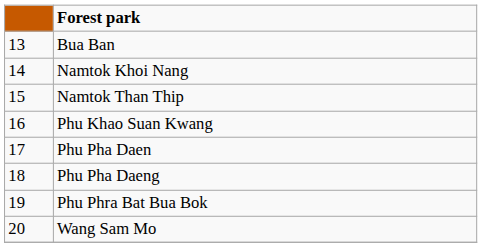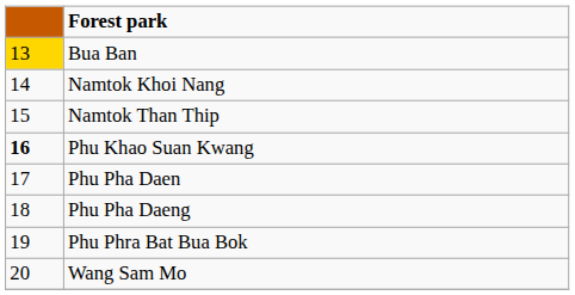 <table class= "wikitable" style= "width:36%; display:inline-table;">
 <tr>
 <td style="width:3%; background:#C65900;"> </td>
 <td style="width:33%;"><strong>Forest park</strong></td>
 </tr>
 <tr>
-<td>13</td>
+<td style="background: gold;">13</td>
 <td>Bua Ban</td>
 </tr>
 <tr>
 <td>14</td>
 <td>Namtok Khoi Nang</td>
 </tr>
 <tr>
 <td>15</td>
 <td>Namtok Than Thip</td>
 </tr>
 <tr>
-<td>16</td>
+<td><strong>16</strong></td>
 <td>Phu Khao Suan Kwang</td>
 </tr>
 <tr>
 <td>17</td>
 <td>Phu Pha Daen</td>
 </tr>
 <tr>
 <td>18</td>
 <td>Phu Pha Daeng</td>
 </tr>
 <tr>
 <td>19</td>
 <td>Phu Phra Bat Bua Bok</td>
 </tr>
 <tr>
 <td>20</td>
 <td>Wang Sam Mo</td>
 </tr>
 <tr>
 </tr>
 </table>
